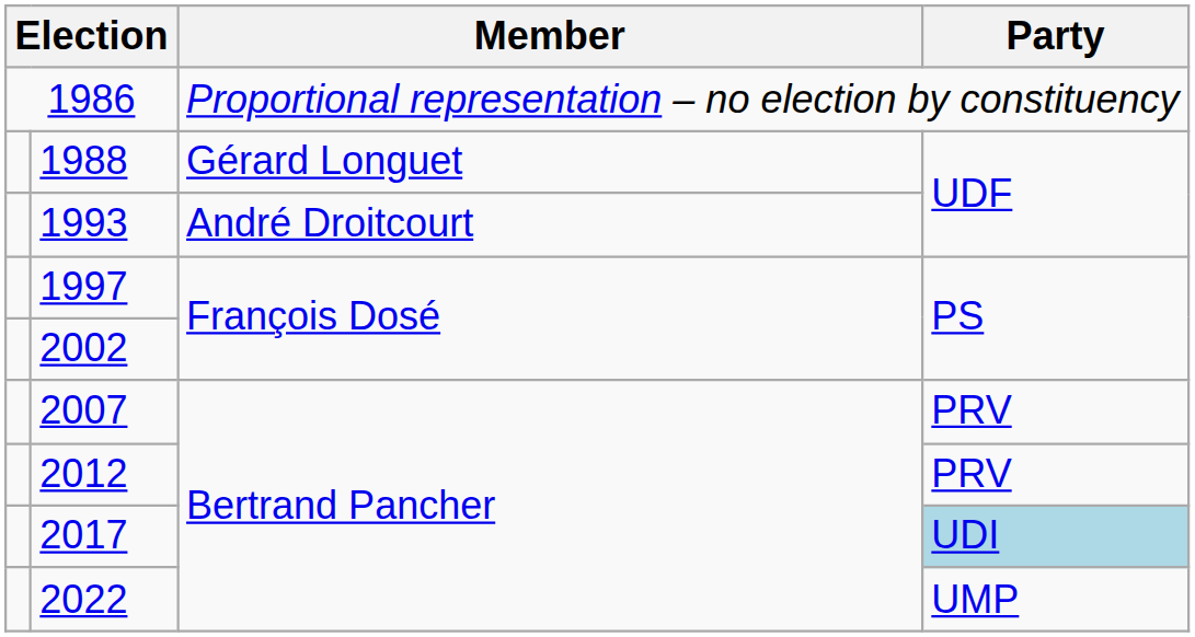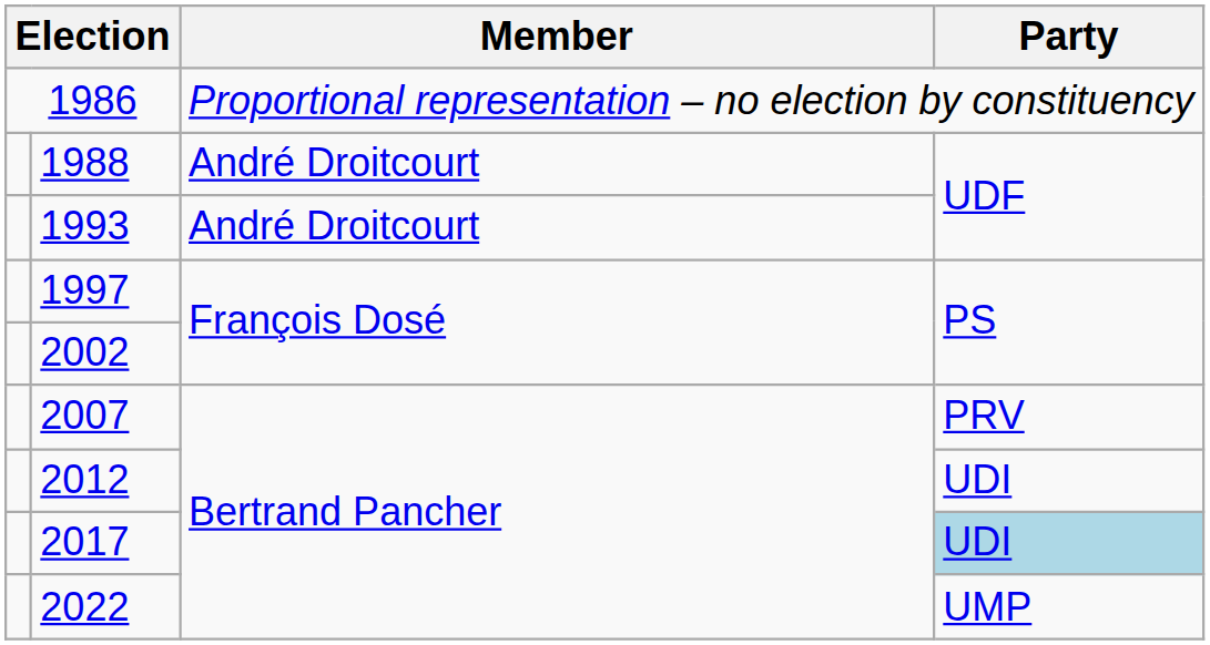 <table class="wikitable">
 <tr>
 <th colspan="2">Election</th>
 <th>Member</th>
 <th>Party</th>
 </tr>
 <tr>
 <td colspan="2" align="center"><a href='#'>1986</a></td>
 <td colspan="2"><em><a href='#'>Proportional representation</a> – no election by constituency</em></td>
 </tr>
 <tr>
 <td style="color:inherit;background-color: "></td>
 <td><a href='#'>1988</a></td>
-<td><a href='#'>Gérard Longuet</a></td>
+<td><a href='#'>André Droitcourt</a></td>
 <td rowspan="2"><a href='#'>UDF</a></td>
 </tr>
 <tr>
 <td style="color:inherit;background-color: "></td>
 <td><a href='#'>1993</a></td>
 <td><a href='#'>André Droitcourt</a></td>
 </tr>
 <tr>
 <td style="color:inherit;background-color: "></td>
 <td><a href='#'>1997</a></td>
 <td rowspan="2"><a href='#'>François Dosé</a></td>
 <td rowspan="2"><a href='#'>PS</a></td>
 </tr>
 <tr>
 <td style="color:inherit;background-color: "></td>
 <td><a href='#'>2002</a></td>
 </tr>
 <tr>
 <td style="color:inherit;background-color: "></td>
 <td><a href='#'>2007</a></td>
 <td rowspan="4"><a href='#'>Bertrand Pancher</a></td>
 <td><a href='#'>PRV</a></td>
 </tr>
 <tr>
 <td style="color:inherit;background-color: "></td>
 <td><a href='#'>2012</a></td>
-<td><a href='#'>PRV</a></td>
+<td><a href='#'>UDI</a></td>
 </tr>
 <tr>
 <td style="color:inherit;background-color: "></td>
 <td><a href='#'>2017</a></td>
 <td style="background: lightblue;"><a href='#'>UDI</a></td>
 </tr>
 <tr>
 <td style="color:inherit;background-color: "></td>
 <td><a href='#'>2022</a></td>
 <td><a href='#'>UMP</a></td>
 </tr>
 </table>
